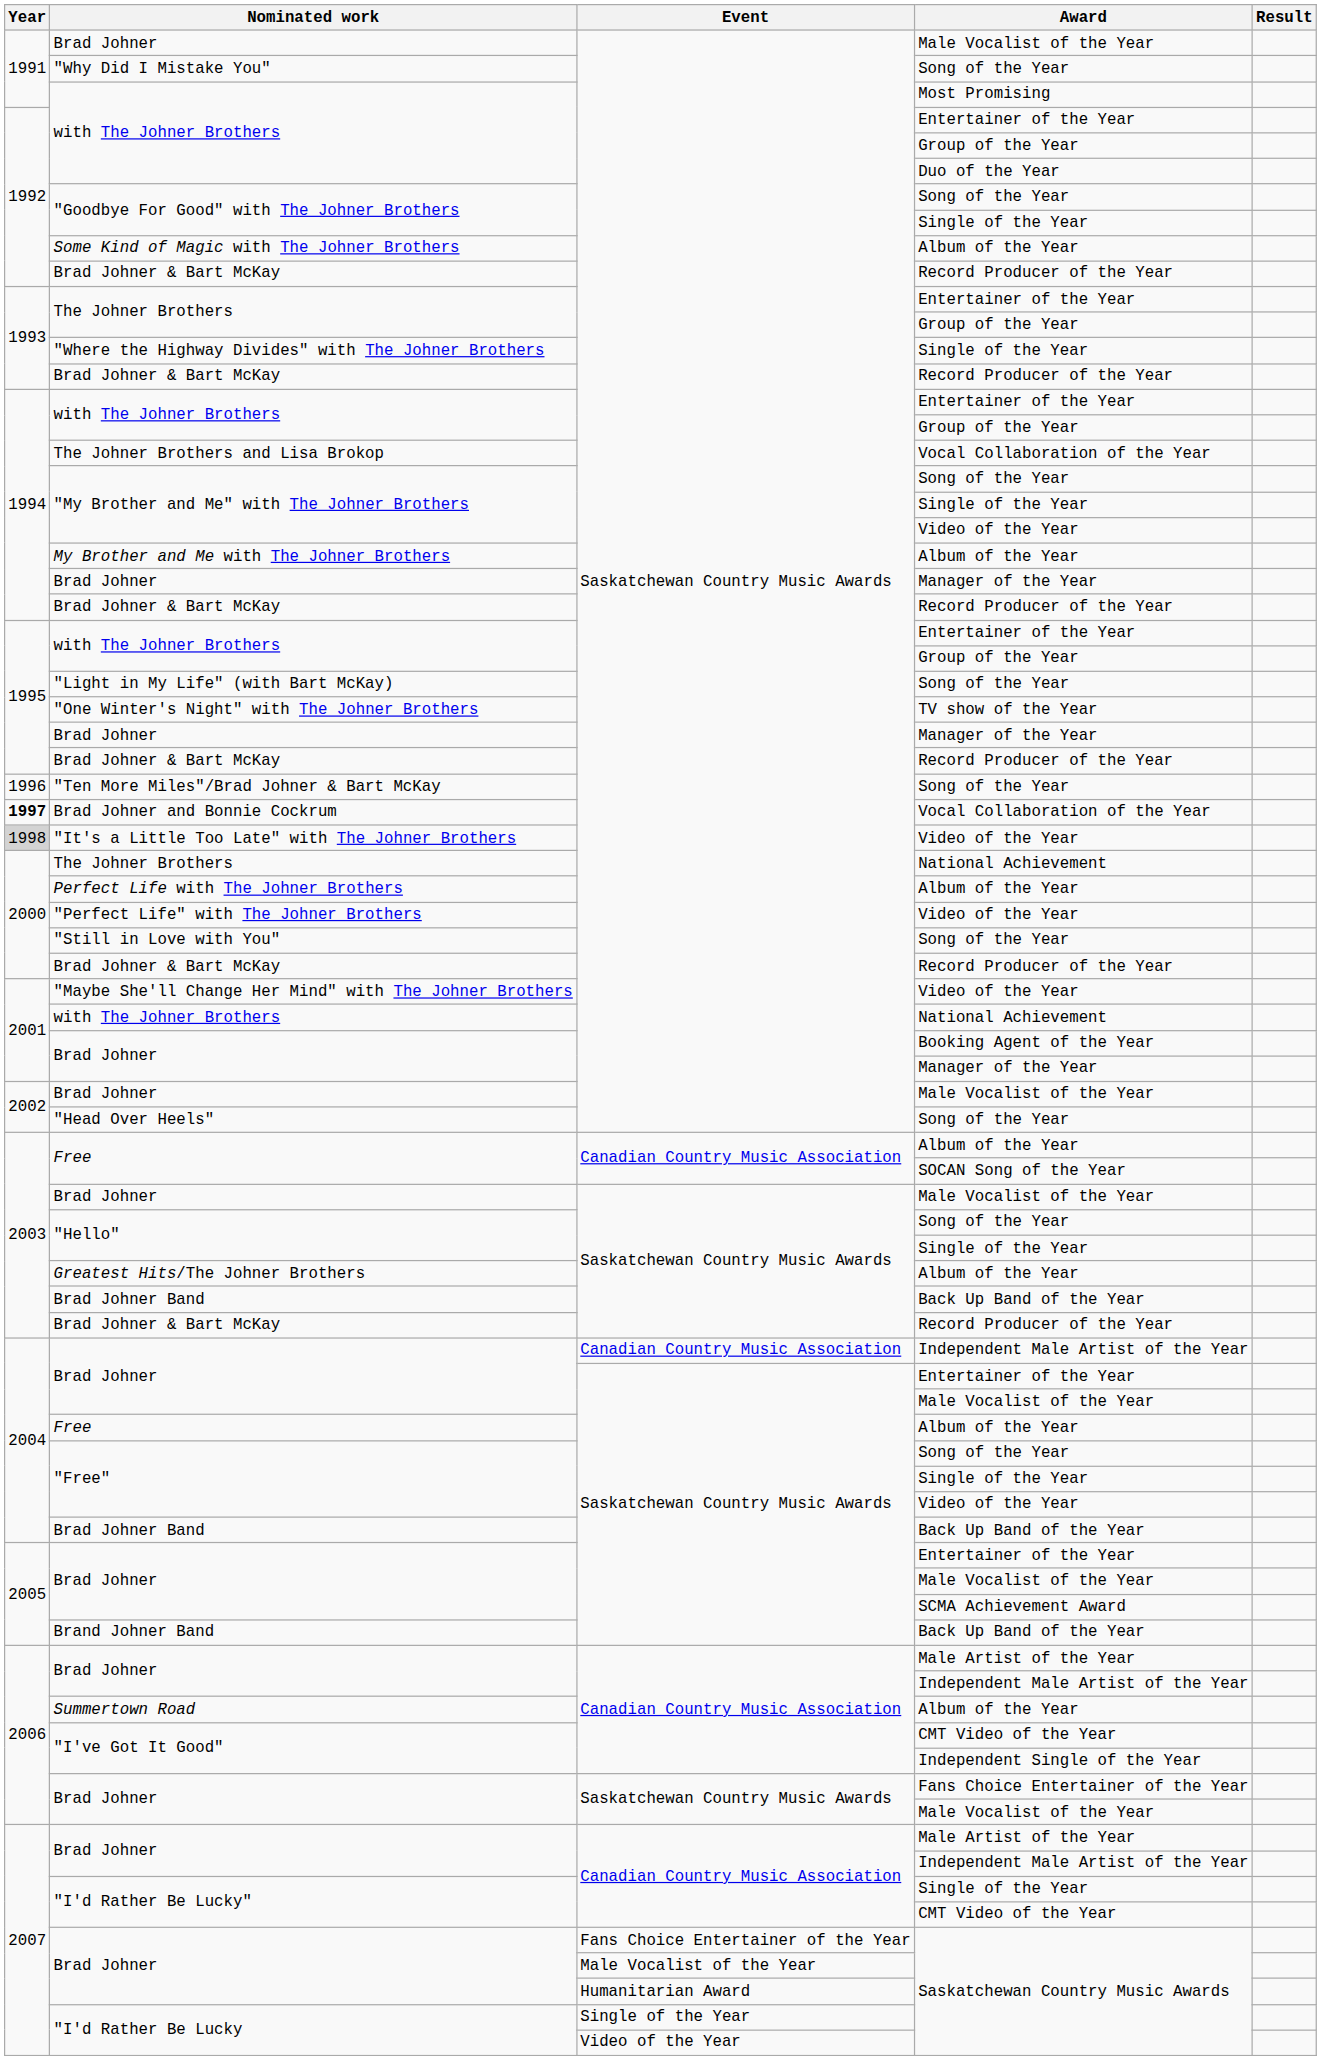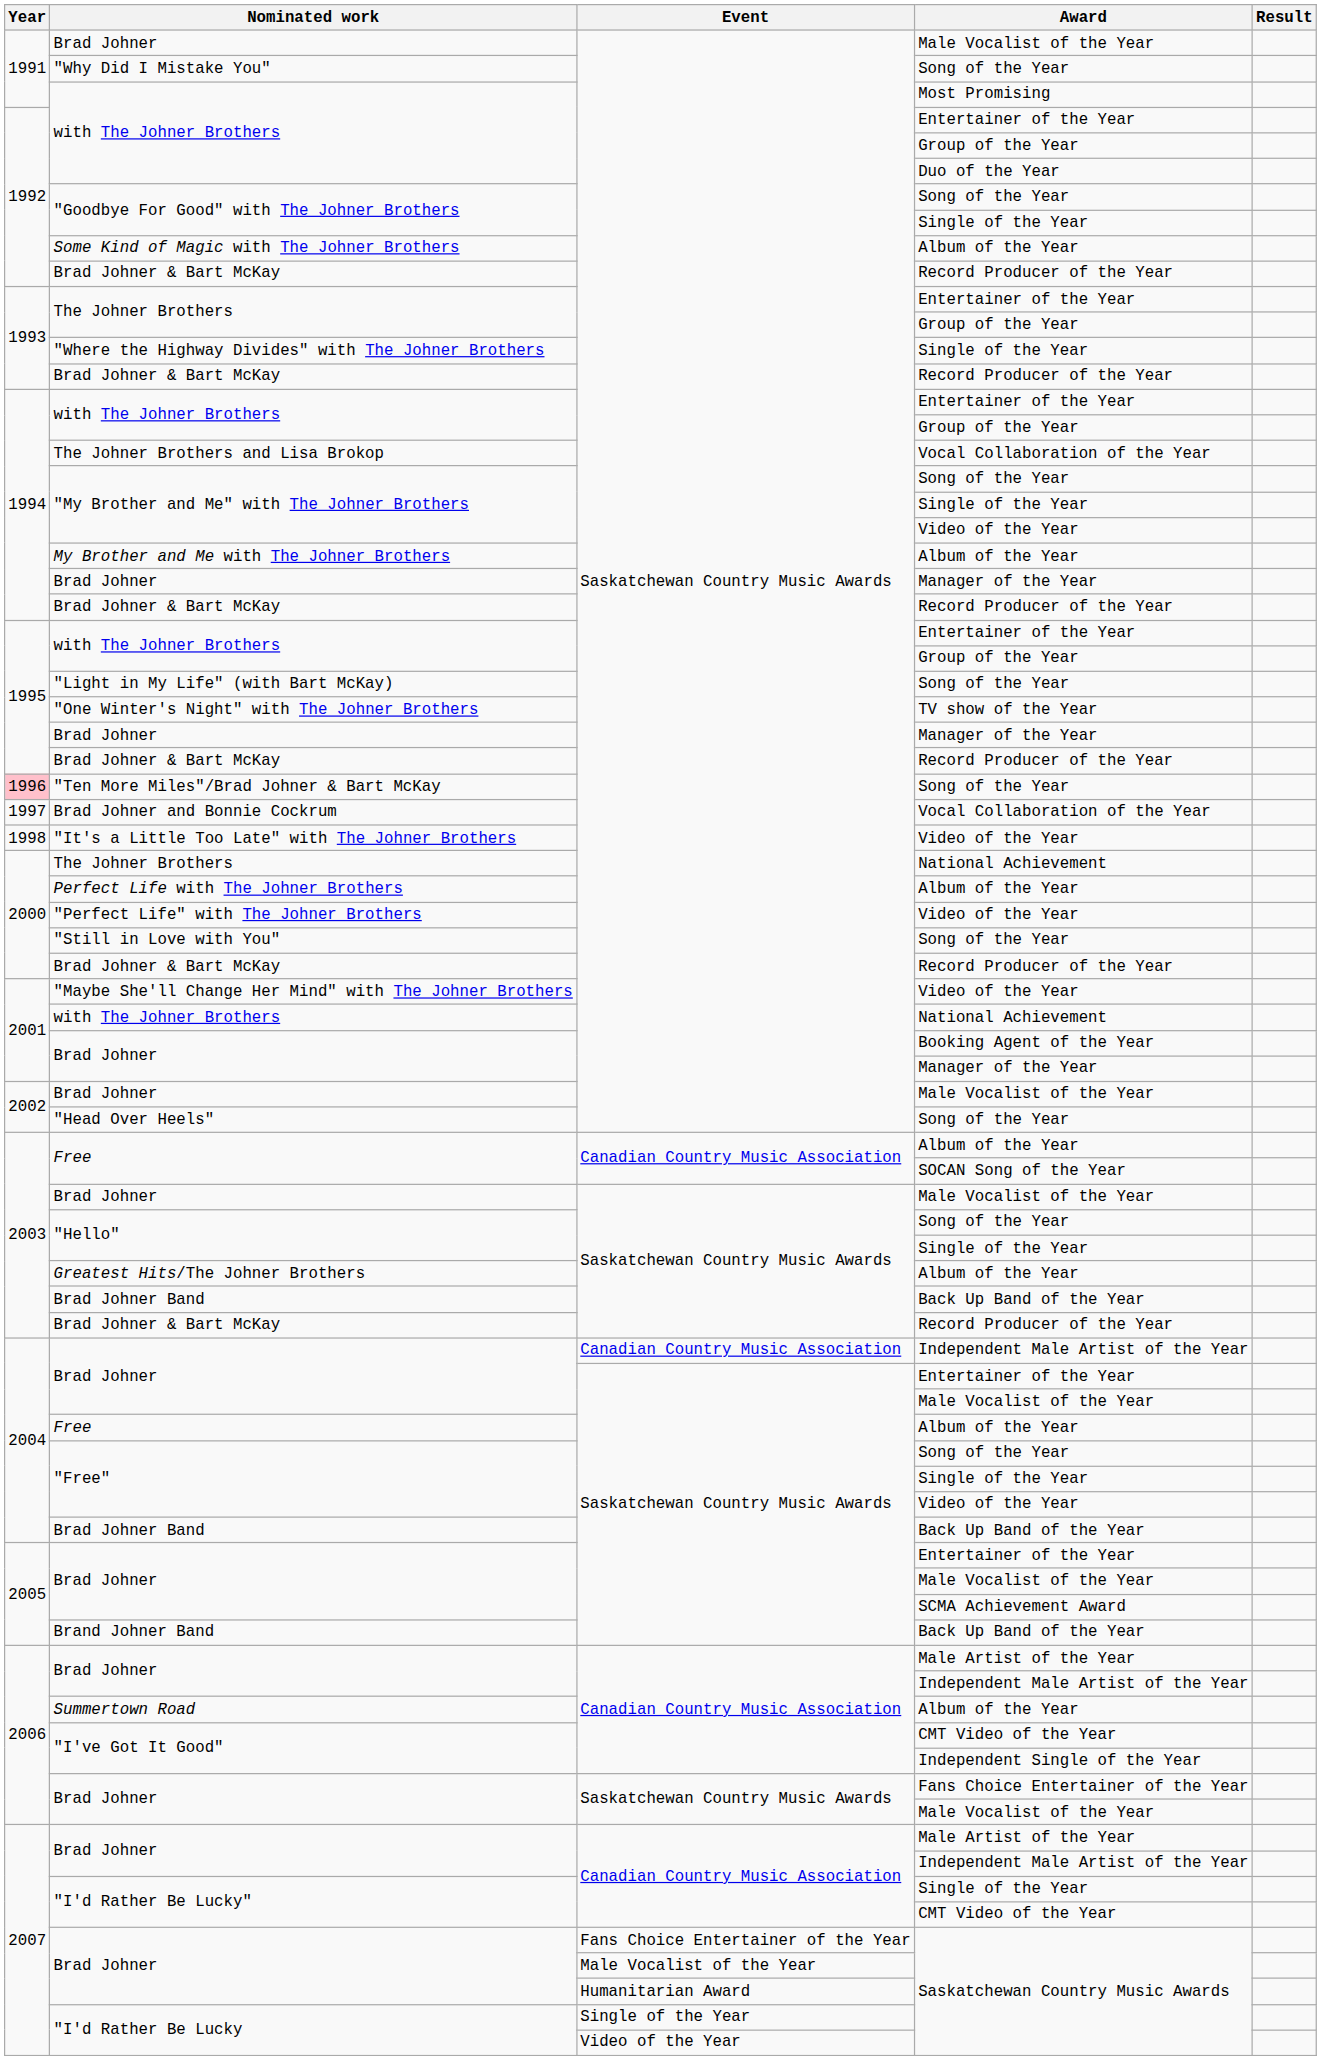 <table class="wikitable">
 <tr>
 <th style="text-align:center;">Year</th>
 <th style="text-align:center;">Nominated work</th>
 <th style="text-align:center;">Event</th>
 <th style="text-align:center;">Award</th>
 <th style="text-align:center;">Result</th>
 </tr>
 <tr>
 <td rowspan=3>1991</td>
 <td>Brad Johner</td>
 <td rowspan=43>Saskatchewan Country Music Awards</td>
 <td>Male Vocalist of the Year</td>
 <td></td>
 </tr>
 <tr>
 <td>"Why Did I Mistake You"</td>
 <td>Song of the Year</td>
 <td></td>
 </tr>
 <tr>
 <td rowspan=4>with <a href='#'>The Johner Brothers</a></td>
 <td>Most Promising</td>
 <td></td>
 </tr>
 <tr>
 <td rowspan=7>1992</td>
 <td>Entertainer of the Year</td>
 <td></td>
 </tr>
 <tr>
 <td>Group of the Year</td>
 <td></td>
 </tr>
 <tr>
 <td>Duo of the Year</td>
 <td></td>
 </tr>
 <tr>
 <td rowspan=2>"Goodbye For Good" with <a href='#'>The Johner Brothers</a></td>
 <td>Song of the Year</td>
 <td></td>
 </tr>
 <tr>
 <td>Single of the Year</td>
 <td></td>
 </tr>
 <tr>
 <td><em>Some Kind of Magic</em> with <a href='#'>The Johner Brothers</a></td>
 <td>Album of the Year</td>
 <td></td>
 </tr>
 <tr>
 <td>Brad Johner & Bart McKay</td>
 <td>Record Producer of the Year</td>
 <td></td>
 </tr>
 <tr>
 <td rowspan=4>1993</td>
 <td rowspan=2>The Johner Brothers</td>
 <td>Entertainer of the Year</td>
 <td></td>
 </tr>
 <tr>
 <td>Group of the Year</td>
 <td></td>
 </tr>
 <tr>
 <td>"Where the Highway Divides" with <a href='#'>The Johner Brothers</a></td>
 <td>Single of the Year</td>
 <td></td>
 </tr>
 <tr>
 <td>Brad Johner & Bart McKay</td>
 <td>Record Producer of the Year</td>
 <td></td>
 </tr>
 <tr>
 <td rowspan=9>1994</td>
 <td rowspan=2>with <a href='#'>The Johner Brothers</a></td>
 <td>Entertainer of the Year</td>
 <td></td>
 </tr>
 <tr>
 <td>Group of the Year</td>
 <td></td>
 </tr>
 <tr>
 <td>The Johner Brothers and Lisa Brokop</td>
 <td>Vocal Collaboration of the Year</td>
 <td></td>
 </tr>
 <tr>
 <td rowspan=3>"My Brother and Me" with <a href='#'>The Johner Brothers</a></td>
 <td>Song of the Year</td>
 <td></td>
 </tr>
 <tr>
 <td>Single of the Year</td>
 <td></td>
 </tr>
 <tr>
 <td>Video of the Year</td>
 <td></td>
 </tr>
 <tr>
 <td><em>My Brother and Me</em> with <a href='#'>The Johner Brothers</a></td>
 <td>Album of the Year</td>
 <td></td>
 </tr>
 <tr>
 <td>Brad Johner</td>
 <td>Manager of the Year</td>
 <td></td>
 </tr>
 <tr>
 <td>Brad Johner & Bart McKay</td>
 <td>Record Producer of the Year</td>
 <td></td>
 </tr>
 <tr>
 <td rowspan=6>1995</td>
 <td rowspan=2>with <a href='#'>The Johner Brothers</a></td>
 <td>Entertainer of the Year</td>
 <td></td>
 </tr>
 <tr>
 <td>Group of the Year</td>
 <td></td>
 </tr>
 <tr>
 <td>"Light in My Life" (with Bart McKay)</td>
 <td>Song of the Year</td>
 <td></td>
 </tr>
 <tr>
 <td>"One Winter's Night" with <a href='#'>The Johner Brothers</a></td>
 <td>TV show of the Year</td>
 <td></td>
 </tr>
 <tr>
 <td>Brad Johner</td>
 <td>Manager of the Year</td>
 <td></td>
 </tr>
 <tr>
 <td>Brad Johner & Bart McKay</td>
 <td>Record Producer of the Year</td>
 <td></td>
 </tr>
 <tr>
-<td>1996</td>
+<td style="background: pink;">1996</td>
 <td>"Ten More Miles"/Brad Johner & Bart McKay</td>
 <td>Song of the Year</td>
 <td></td>
 </tr>
 <tr>
-<td><strong>1997</strong></td>
+<td>1997</td>
 <td>Brad Johner and Bonnie Cockrum</td>
 <td>Vocal Collaboration of the Year</td>
 <td></td>
 </tr>
 <tr>
-<td style="background: lightgrey;">1998</td>
+<td>1998</td>
 <td>"It's a Little Too Late" with <a href='#'>The Johner Brothers</a></td>
 <td>Video of the Year</td>
 <td></td>
 </tr>
 <tr>
 <td rowspan=5>2000</td>
 <td>The Johner Brothers</td>
 <td>National Achievement</td>
 <td></td>
 </tr>
 <tr>
 <td><em>Perfect Life</em> with <a href='#'>The Johner Brothers</a></td>
 <td>Album of the Year</td>
 <td></td>
 </tr>
 <tr>
 <td>"Perfect Life" with <a href='#'>The Johner Brothers</a></td>
 <td>Video of the Year</td>
 <td></td>
 </tr>
 <tr>
 <td>"Still in Love with You"</td>
 <td>Song of the Year</td>
 <td></td>
 </tr>
 <tr>
 <td>Brad Johner & Bart McKay</td>
 <td>Record Producer of the Year</td>
 <td></td>
 </tr>
 <tr>
 <td rowspan=4>2001</td>
 <td>"Maybe She'll Change Her Mind" with <a href='#'>The Johner Brothers</a></td>
 <td>Video of the Year</td>
 <td></td>
 </tr>
 <tr>
 <td>with <a href='#'>The Johner Brothers</a></td>
 <td>National Achievement</td>
 <td></td>
 </tr>
 <tr>
 <td rowspan=2>Brad Johner</td>
 <td>Booking Agent of the Year</td>
 <td></td>
 </tr>
 <tr>
 <td>Manager of the Year</td>
 <td></td>
 </tr>
 <tr>
 <td rowspan=2>2002</td>
 <td>Brad Johner</td>
 <td>Male Vocalist of the Year</td>
 <td></td>
 </tr>
 <tr>
 <td>"Head Over Heels"</td>
 <td>Song of the Year</td>
 <td></td>
 </tr>
 <tr>
 <td rowspan=8>2003</td>
 <td rowspan=2><em>Free</em></td>
 <td rowspan=2><a href='#'>Canadian Country Music Association</a></td>
 <td>Album of the Year</td>
 <td></td>
 </tr>
 <tr>
 <td>SOCAN Song of the Year</td>
 <td></td>
 </tr>
 <tr>
 <td>Brad Johner</td>
 <td rowspan=6>Saskatchewan Country Music Awards</td>
 <td>Male Vocalist of the Year</td>
 <td></td>
 </tr>
 <tr>
 <td rowspan=2>"Hello"</td>
 <td>Song of the Year</td>
 <td></td>
 </tr>
 <tr>
 <td>Single of the Year</td>
 <td></td>
 </tr>
 <tr>
 <td><em>Greatest Hits</em>/The Johner Brothers</td>
 <td>Album of the Year</td>
 <td></td>
 </tr>
 <tr>
 <td>Brad Johner Band</td>
 <td>Back Up Band of the Year</td>
 <td></td>
 </tr>
 <tr>
 <td>Brad Johner & Bart McKay</td>
 <td>Record Producer of the Year</td>
 <td></td>
 </tr>
 <tr>
 <td rowspan=8>2004</td>
 <td rowspan=3>Brad Johner</td>
 <td><a href='#'>Canadian Country Music Association</a></td>
 <td>Independent Male Artist of the Year</td>
 <td></td>
 </tr>
 <tr>
 <td rowspan=11>Saskatchewan Country Music Awards</td>
 <td>Entertainer of the Year</td>
 <td></td>
 </tr>
 <tr>
 <td>Male Vocalist of the Year</td>
 <td></td>
 </tr>
 <tr>
 <td><em>Free</em></td>
 <td>Album of the Year</td>
 <td></td>
 </tr>
 <tr>
 <td rowspan=3>"Free"</td>
 <td>Song of the Year</td>
 <td></td>
 </tr>
 <tr>
 <td>Single of the Year</td>
 <td></td>
 </tr>
 <tr>
 <td>Video of the Year</td>
 <td></td>
 </tr>
 <tr>
 <td>Brad Johner Band</td>
 <td>Back Up Band of the Year</td>
 <td></td>
 </tr>
 <tr>
 <td rowspan=4>2005</td>
 <td rowspan=3>Brad Johner</td>
 <td>Entertainer of the Year</td>
 <td></td>
 </tr>
 <tr>
 <td>Male Vocalist of the Year</td>
 <td></td>
 </tr>
 <tr>
 <td>SCMA Achievement Award</td>
 <td></td>
 </tr>
 <tr>
 <td>Brand Johner Band</td>
 <td>Back Up Band of the Year</td>
 <td></td>
 </tr>
 <tr>
 <td rowspan="7">2006</td>
 <td rowspan=2>Brad Johner</td>
 <td rowspan=5><a href='#'>Canadian Country Music Association</a></td>
 <td>Male Artist of the Year</td>
 <td></td>
 </tr>
 <tr>
 <td>Independent Male Artist of the Year</td>
 <td></td>
 </tr>
 <tr>
 <td><em>Summertown Road</em></td>
 <td>Album of the Year</td>
 <td></td>
 </tr>
 <tr>
 <td rowspan=2>"I've Got It Good"</td>
 <td>CMT Video of the Year</td>
 <td></td>
 </tr>
 <tr>
 <td>Independent Single of the Year</td>
 <td></td>
 </tr>
 <tr>
 <td rowspan=2>Brad Johner</td>
 <td rowspan=2>Saskatchewan Country Music Awards</td>
 <td>Fans Choice Entertainer of the Year</td>
 <td></td>
 </tr>
 <tr>
 <td>Male Vocalist of the Year</td>
 <td></td>
 </tr>
 <tr>
 <td rowspan="9">2007</td>
 <td rowspan=2>Brad Johner</td>
 <td rowspan=4><a href='#'>Canadian Country Music Association</a></td>
 <td>Male Artist of the Year</td>
 <td></td>
 </tr>
 <tr>
 <td>Independent Male Artist of the Year</td>
 <td></td>
 </tr>
 <tr>
 <td rowspan=2>"I'd Rather Be Lucky"</td>
 <td>Single of the Year</td>
 <td></td>
 </tr>
 <tr>
 <td>CMT Video of the Year</td>
 <td></td>
 </tr>
 <tr>
 <td rowspan=3>Brad Johner</td>
 <td>Fans Choice Entertainer of the Year</td>
 <td rowspan=5>Saskatchewan Country Music Awards</td>
 <td></td>
 </tr>
 <tr>
 <td>Male Vocalist of the Year</td>
 <td></td>
 </tr>
 <tr>
 <td>Humanitarian Award</td>
 <td></td>
 </tr>
 <tr>
 <td rowspan=2>"I'd Rather Be Lucky</td>
 <td>Single of the Year</td>
 <td></td>
 </tr>
 <tr>
 <td>Video of the Year</td>
 <td></td>
 </tr>
 <tr>
 </tr>
 </table>
